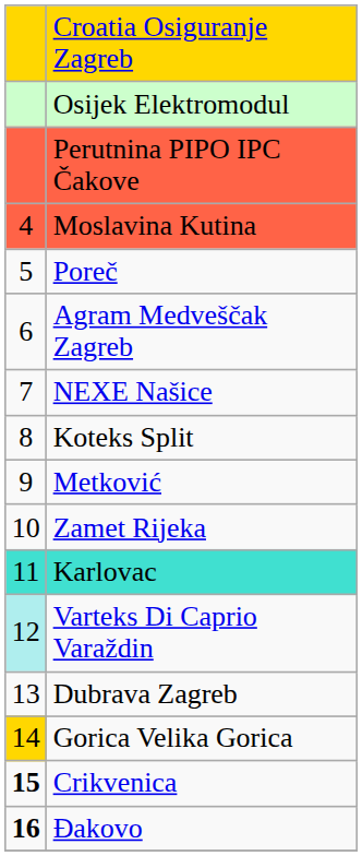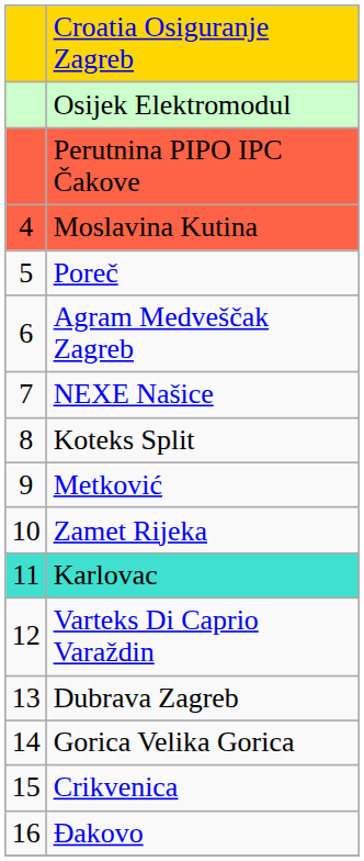 <table class="wikitable" width="200px">
 <tr bgcolor="gold">
 <td align=center></td>
 <td><a href='#'>Croatia Osiguranje Zagreb</a></td>
 </tr>
 <tr bgcolor=#ccffcc>
 <td align=center></td>
 <td>Osijek Elektromodul</td>
 </tr>
 <tr bgcolor="tomato">
 <td align=center></td>
 <td>Perutnina PIPO IPC Čakove</td>
 </tr>
 <tr bgcolor="tomato">
 <td align=center>4</td>
 <td>Moslavina Kutina</td>
 </tr>
 <tr>
 <td align=center>5</td>
 <td><a href='#'>Poreč</a></td>
 </tr>
 <tr>
 <td align=center>6</td>
 <td><a href='#'>Agram Medveščak Zagreb</a></td>
 </tr>
 <tr>
 <td align=center>7</td>
 <td><a href='#'>NEXE Našice</a></td>
 </tr>
 <tr>
 <td align=center>8</td>
 <td>Koteks Split</td>
 </tr>
 <tr>
 <td align=center>9</td>
 <td><a href='#'>Metković</a></td>
 </tr>
 <tr>
 <td align=center>10</td>
 <td><a href='#'>Zamet Rijeka</a></td>
 </tr>
 <tr bgcolor="turquoise">
 <td align=center>11</td>
 <td>Karlovac</td>
 </tr>
 <tr>
-<td align=center style="background: paleturquoise;">12</td>
+<td align=center>12</td>
 <td><a href='#'>Varteks Di Caprio Varaždin</a></td>
 </tr>
 <tr>
 <td align=center>13</td>
 <td>Dubrava Zagreb</td>
 </tr>
 <tr>
-<td align=center style="background: gold;">14</td>
+<td align=center>14</td>
 <td>Gorica Velika Gorica</td>
 </tr>
 <tr>
-<td align=center><strong>15</strong></td>
+<td align=center>15</td>
 <td><a href='#'>Crikvenica</a></td>
 </tr>
 <tr>
-<td align=center><strong>16</strong></td>
+<td align=center>16</td>
 <td><a href='#'>Đakovo</a></td>
 </tr>
 <tr>
 </tr>
 </table>
